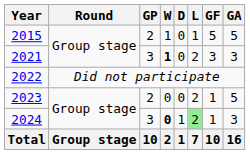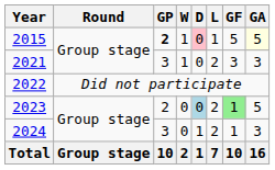 <table class="wikitable" style="text-align: center;font-size:100%;">
 <tr>
 <th>Year</th>
 <th>Round</th>
 <th>GP</th>
 <th>W</th>
 <th>D</th>
 <th>L</th>
 <th>GF</th>
 <th>GA</th>
 </tr>
 <tr>
 <td> <a href='#'>2015</a></td>
 <td rowspan=2>Group stage</td>
-<td>2</td>
+<td><strong>2</strong></td>
 <td>1</td>
-<td>0</td>
+<td style="background: pink;">0</td>
 <td>1</td>
 <td>5</td>
-<td>5</td>
+<td style="background: lightyellow;">5</td>
 </tr>
 <tr>
 <td> <a href='#'>2021</a></td>
 <td>3</td>
-<td><strong>1</strong></td>
+<td>1</td>
 <td>0</td>
 <td>2</td>
 <td>3</td>
 <td>3</td>
 </tr>
 <tr>
 <td> <a href='#'>2022</a></td>
 <td colspan=7><em>Did not participate</em></td>
 </tr>
 <tr>
 <td> <a href='#'>2023</a></td>
 <td rowspan=2>Group stage</td>
 <td>2</td>
 <td>0</td>
-<td>0</td>
+<td style="background: lightblue;">0</td>
 <td>2</td>
-<td>1</td>
+<td style="background: lightgreen;">1</td>
 <td>5</td>
 </tr>
 <tr>
 <td> <a href='#'>2024</a></td>
 <td>3</td>
-<td><strong>0</strong></td>
+<td>0</td>
 <td>1</td>
-<td style="background: lightgreen;">2</td>
+<td>2</td>
 <td>1</td>
 <td>3</td>
 </tr>
 <tr>
 <th>Total</th>
 <th>Group stage</th>
 <th>10</th>
 <th>2</th>
 <th>1</th>
 <th>7</th>
 <th>10</th>
 <th>16</th>
 </tr>
 </table>
